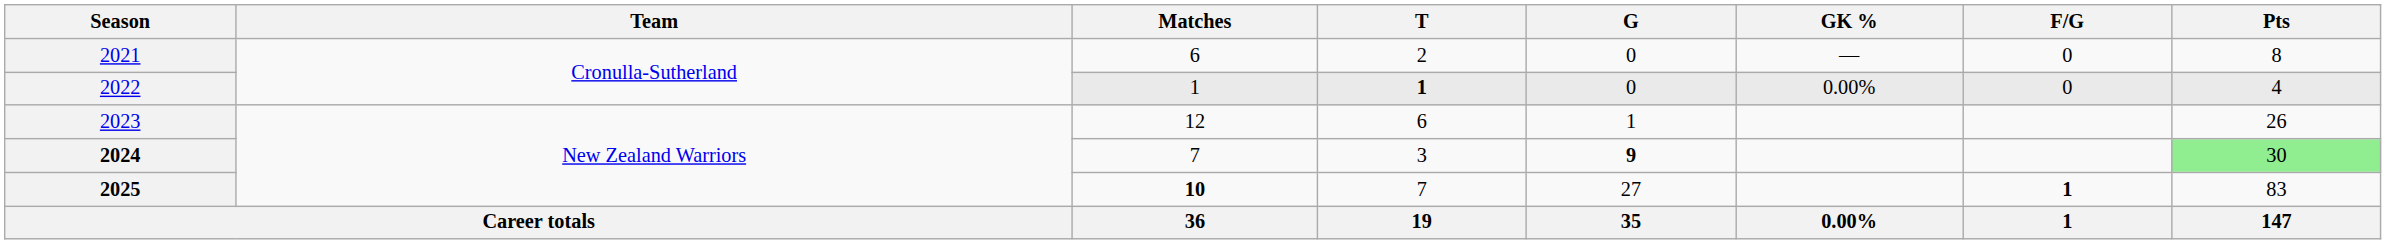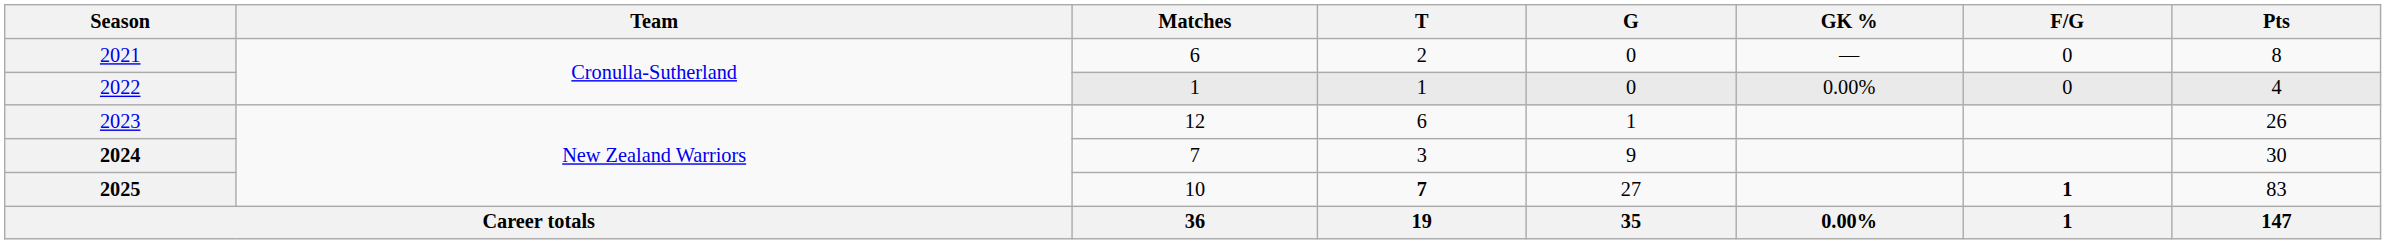 <table class="wikitable sortable"  style="font-size:90%; text-align:center; width:85%;">
 <tr>
 <th width=2%>Season</th>
 <th width=8%>Team</th>
 <th width=2%>Matches</th>
 <th width=2%>T</th>
 <th width=2%>G</th>
 <th width=2%>GK %</th>
 <th width=2%>F/G</th>
 <th width=2%>Pts</th>
 </tr>
 <tr>
 <th scope="row" style="text-align:center; font-weight:normal"><a href='#'>2021</a></th>
 <td rowspan="2" style="text-align:center;"> <a href='#'>Cronulla-Sutherland</a></td>
 <td>6</td>
 <td>2</td>
 <td>0</td>
 <td>—</td>
 <td>0</td>
 <td>8</td>
 </tr>
 <tr style="background:#eaeaea;">
 <th scope="row" style="text-align:center; font-weight:normal"><a href='#'>2022</a></th>
 <td>1</td>
-<td><strong>1</strong></td>
+<td>1</td>
 <td>0</td>
 <td>0.00%</td>
 <td>0</td>
 <td>4</td>
 </tr>
 <tr>
 <th scope="row" style="text-align:center; font-weight:normal"><a href='#'>2023</a></th>
 <td rowspan="3" style="text-align:center;"> <a href='#'>New Zealand Warriors</a></td>
 <td>12</td>
 <td>6</td>
 <td>1</td>
 <td></td>
 <td></td>
 <td>26</td>
 </tr>
 <tr>
 <th>2024</th>
 <td>7</td>
 <td>3</td>
-<td><strong>9</strong></td>
+<td>9</td>
 <td></td>
 <td></td>
-<td style="background: lightgreen;">30</td>
+<td>30</td>
 </tr>
 <tr>
 <th>2025</th>
-<td><strong>10</strong></td>
-<td>7</td>
+<td>10</td>
+<td><strong>7</strong></td>
 <td>27</td>
 <td></td>
 <td><strong>1</strong></td>
 <td>83</td>
 </tr>
 <tr class="sortbottom">
 <th colspan="2">Career totals</th>
 <th>36</th>
 <th>19</th>
 <th>35</th>
 <th>0.00%</th>
 <th>1</th>
 <th>147</th>
 </tr>
 </table>
